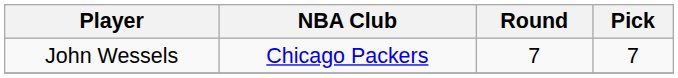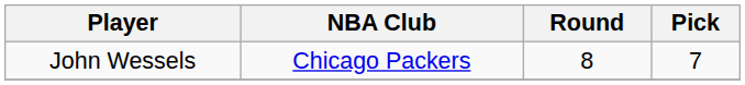 <table class="wikitable" width="500">
 <tr>
 <th>Player</th>
 <th>NBA Club</th>
 <th>Round</th>
 <th>Pick</th>
 </tr>
 <tr align="center" bgcolor="">
 <td>John Wessels</td>
 <td><a href='#'>Chicago Packers</a></td>
-<td>7</td>
+<td>8</td>
 <td>7</td>
 </tr>
 <tr align="center" bgcolor="">
 </tr>
 </table>
